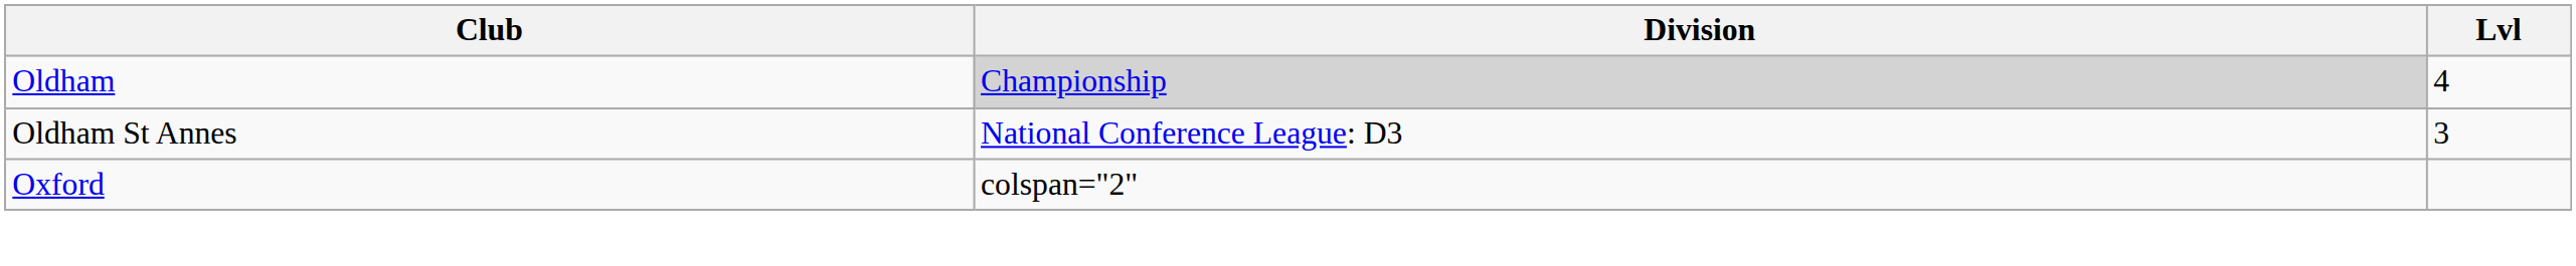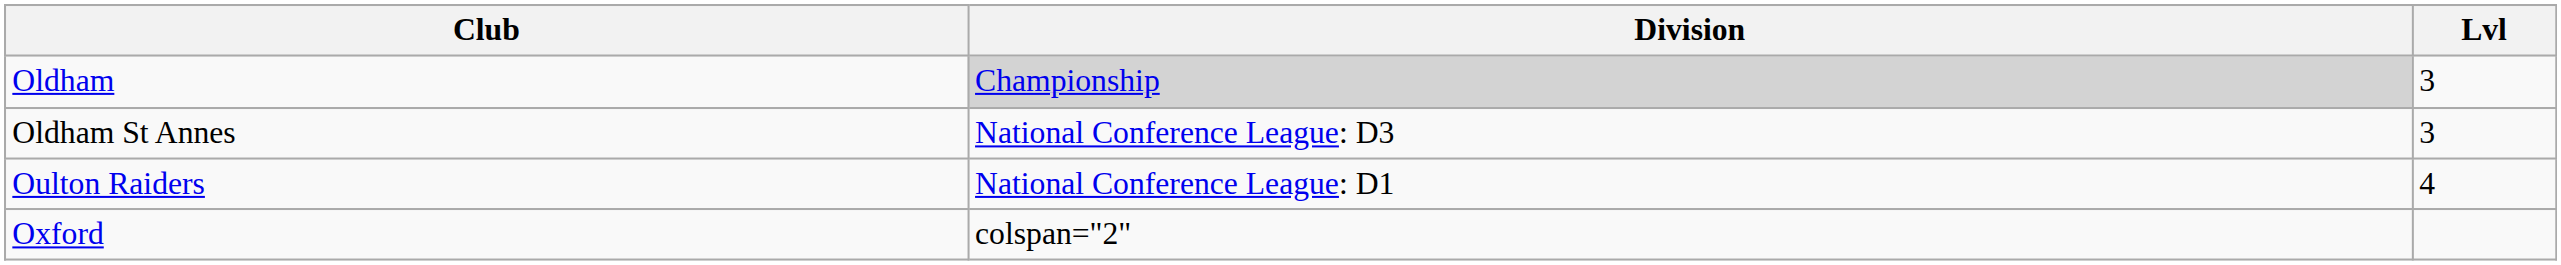 <table class="wikitable sortable" width=100% style="font-size:98%">
 <tr>
 <th width=20%>Club</th>
 <th width=30%>Division</th>
 <th width=3%>Lvl</th>
 </tr>
 <tr>
 <td> <a href='#'>Oldham</a></td>
 <td style="background: lightgrey;"><a href='#'>Championship</a></td>
-<td>4</td>
+<td>3</td>
 </tr>
 <tr>
 <td>Oldham St Annes</td>
 <td><a href='#'>National Conference League</a>: D3</td>
 <td>3</td>
 </tr>
 <tr>
+<td><a href='#'>Oulton Raiders</a></td>
+<td><a href='#'>National Conference League</a>: D1</td>
+<td>4</td>
+</tr>
+<tr>
 <td> <a href='#'>Oxford</a></td>
 <td>colspan="2"</td>
 </tr>
 </table>
